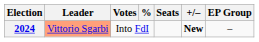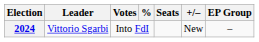 <table class="wikitable" style="text-align:center">
 <tr>
 <th>Election</th>
 <th>Leader</th>
 <th>Votes</th>
 <th>%</th>
 <th>Seats</th>
 <th>+/–</th>
 <th>EP Group</th>
 </tr>
 <tr>
 <th><a href='#'>2024</a></th>
-<td style="background: lightsalmon;"><a href='#'>Vittorio Sgarbi</a></td>
+<td><a href='#'>Vittorio Sgarbi</a></td>
 <td colspan=2>Into <a href='#'>FdI</a></td>
 <td></td>
-<td><strong>New</strong></td>
+<td>New</td>
 <td>–</td>
 </tr>
 </table>
